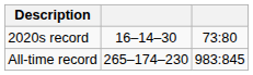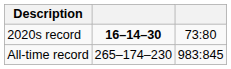 <table class="wikitable">
 <tr>
 <th>Description</th>
 <th></th>
 <th></th>
 </tr>
 <tr>
 <td>2020s record</td>
-<td align="center">16–14–30</td>
+<td align="center"><strong>16–14–30</strong></td>
 <td align="center">73:80</td>
 </tr>
 <tr>
 <td>All-time record</td>
 <td align="center">265–174–230</td>
 <td align="center">983:845</td>
 </tr>
 </table>
